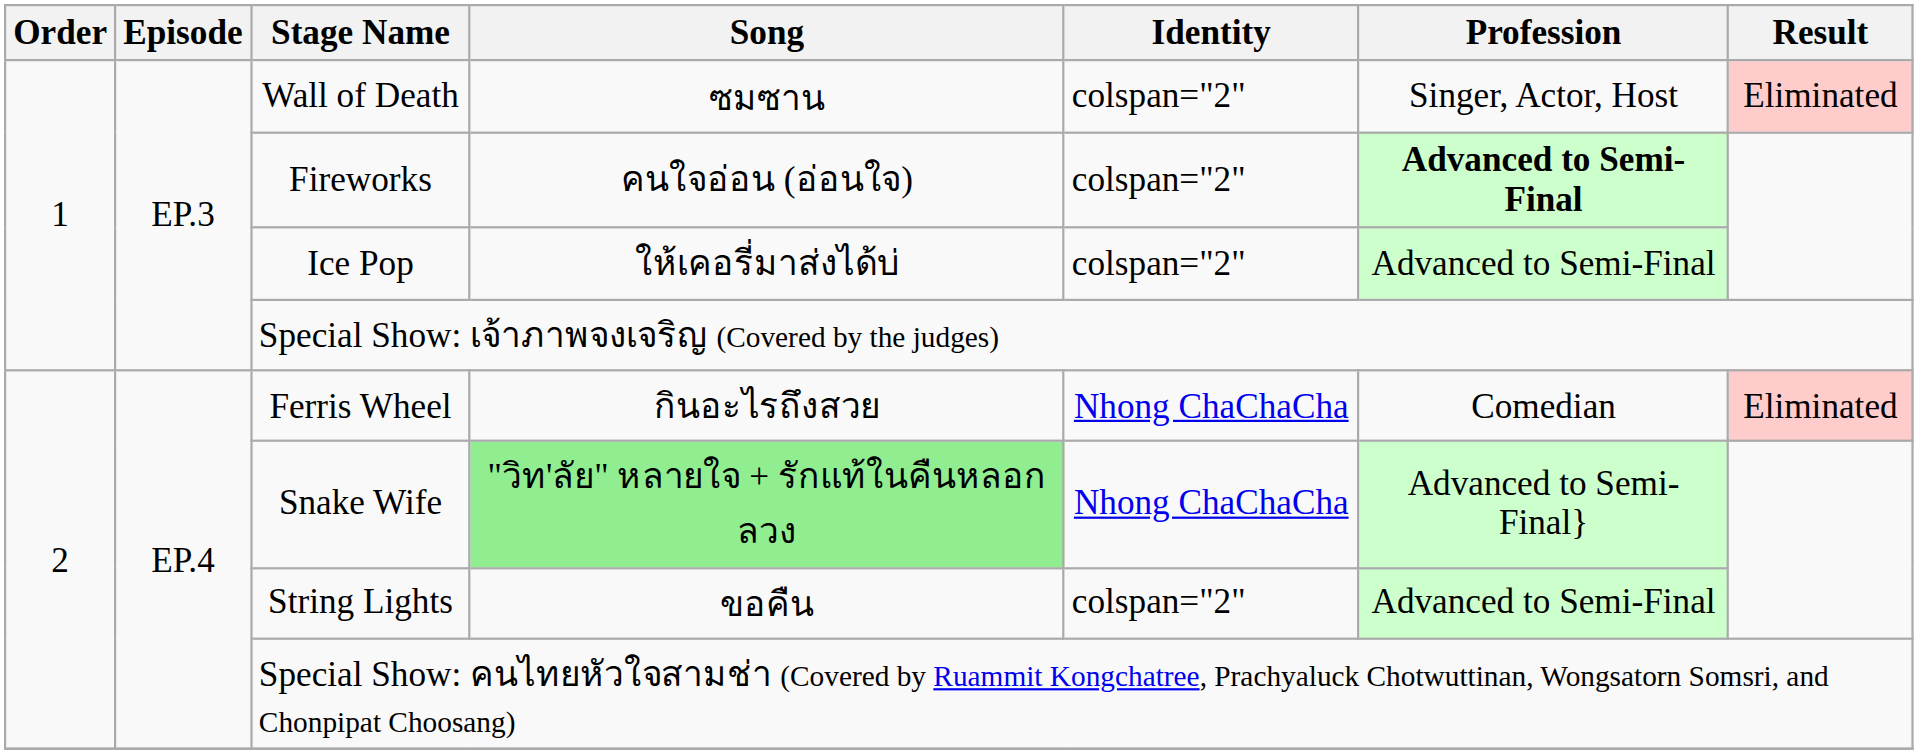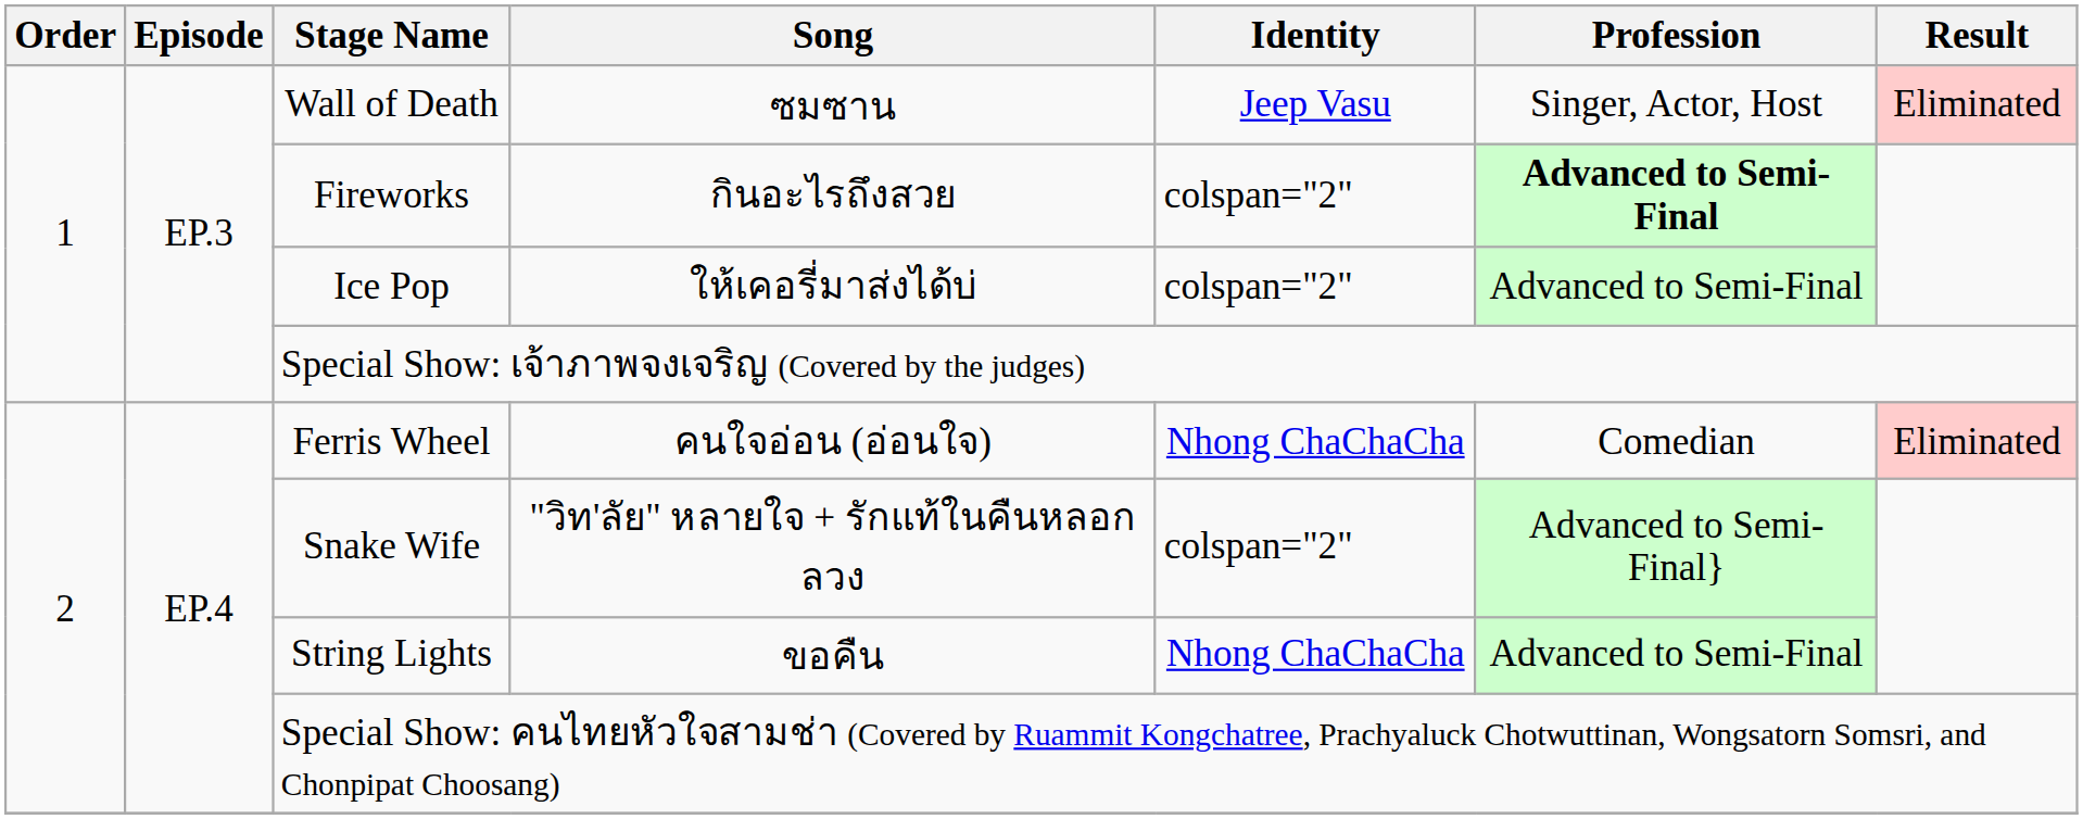 <table class="wikitable">
 <tr>
 <th>Order</th>
 <th>Episode</th>
 <th>Stage Name</th>
 <th>Song</th>
 <th>Identity</th>
 <th>Profession</th>
 <th>Result</th>
 </tr>
 <tr>
 <td rowspan="4" align="center">1</td>
 <td rowspan="4" align="center">EP.3</td>
 <td style="text-align:center;">Wall of Death</td>
 <td style="text-align:center;">ซมซาน</td>
-<td>colspan="2"  </td>
+<td style="text-align:center;"><a href='#'>Jeep Vasu</a></td>
 <td style="text-align:center;">Singer, Actor, Host</td>
 <td style="text-align:center; background:#ffcccc;">Eliminated</td>
 </tr>
 <tr>
 <td style="text-align:center;">Fireworks</td>
-<td style="text-align:center;">คนใจอ่อน (อ่อนใจ)</td>
+<td style="text-align:center;">กินอะไรถึงสวย</td>
 <td>colspan="2"  </td>
 <td style="text-align:center; background:#ccffcc;"><strong>Advanced to Semi-Final</strong></td>
 </tr>
 <tr>
 <td style="text-align:center;">Ice Pop</td>
 <td style="text-align:center;">ให้เคอรี่มาส่งได้บ่</td>
 <td>colspan="2"  </td>
 <td style="text-align:center; background:#ccffcc;">Advanced to Semi-Final</td>
 </tr>
 <tr>
 <td colspan="5">Special Show: เจ้าภาพจงเจริญ <small>(Covered by the judges)</small></td>
 </tr>
 <tr>
 <td rowspan="4" align="center">2</td>
 <td rowspan="4" align="center">EP.4</td>
 <td style="text-align:center;">Ferris Wheel</td>
-<td style="text-align:center;">กินอะไรถึงสวย</td>
+<td style="text-align:center;">คนใจอ่อน (อ่อนใจ)</td>
 <td style="text-align:center;"><a href='#'>Nhong ChaChaCha</a></td>
 <td style="text-align:center;">Comedian</td>
 <td style="text-align:center; background:#ffcccc;">Eliminated</td>
 </tr>
 <tr>
 <td style="text-align:center;">Snake Wife</td>
-<td style="background: lightgreen; text-align:center;">"วิท'ลัย" หลายใจ + รักแท้ในคืนหลอกลวง</td>
-<td style="text-align:center;"><a href='#'>Nhong ChaChaCha</a></td>
+<td style="text-align:center;">"วิท'ลัย" หลายใจ + รักแท้ในคืนหลอกลวง</td>
+<td>colspan="2"  </td>
 <td style="text-align:center; background:#ccffcc;">Advanced to Semi-Final}</td>
 </tr>
 <tr>
 <td style="text-align:center;">String Lights</td>
 <td style="text-align:center;">ขอคืน</td>
-<td>colspan="2"  </td>
+<td style="text-align:center;"><a href='#'>Nhong ChaChaCha</a></td>
 <td style="text-align:center; background:#ccffcc;">Advanced to Semi-Final</td>
 </tr>
 <tr>
 <td colspan="5">Special Show: คนไทยหัวใจสามช่า <small>(Covered by <a href='#'>Ruammit Kongchatree</a>, Prachyaluck Chotwuttinan, Wongsatorn Somsri, and Chonpipat Choosang)</small></td>
 </tr>
 <tr>
 </tr>
 </table>
